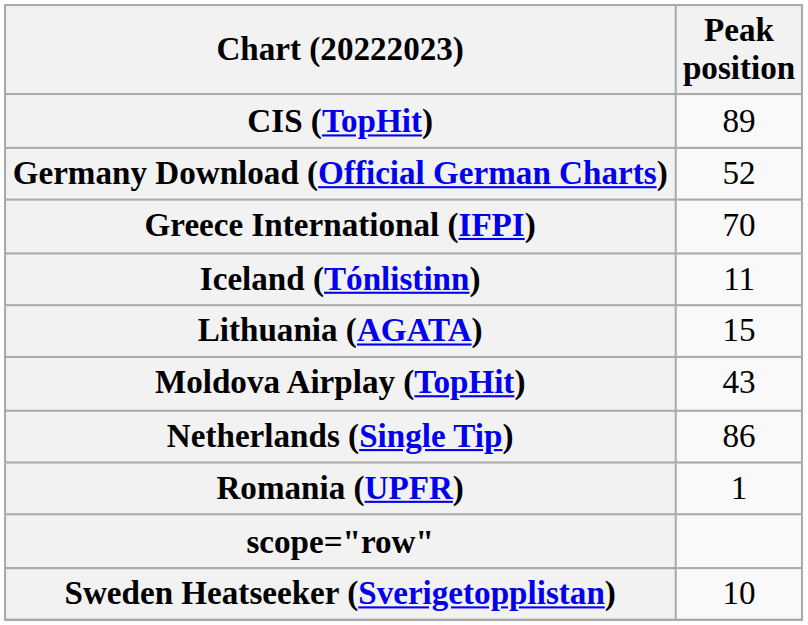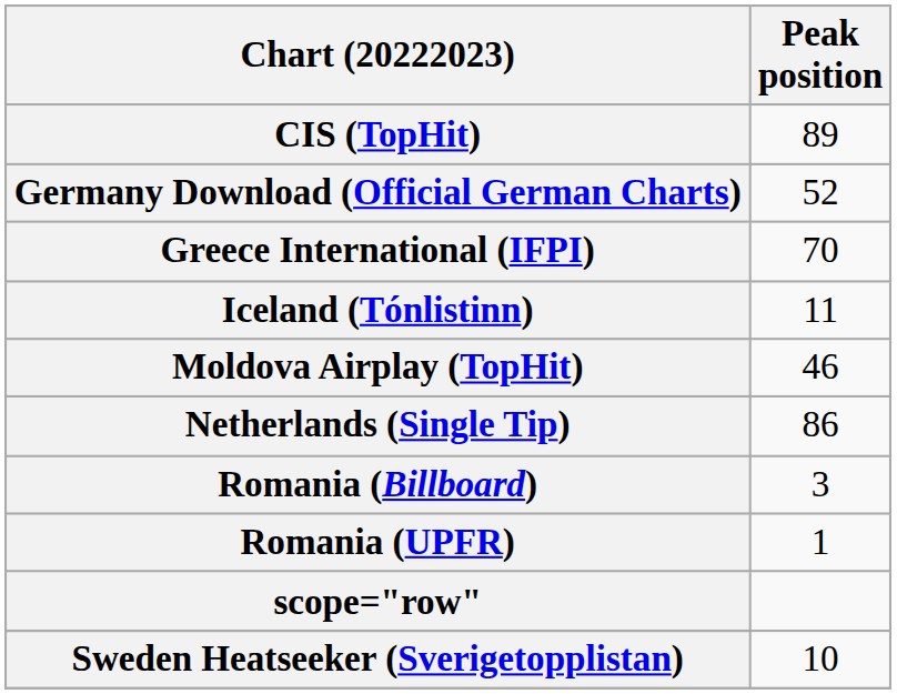 <table class="wikitable sortable plainrowheaders" style="text-align:center">
 <tr>
 <th scope="col">Chart (20222023)</th>
 <th scope="col">Peak<br>position</th>
 </tr>
 <tr>
 <th scope="row">CIS (<a href='#'>TopHit</a>)</th>
 <td>89</td>
 </tr>
 <tr>
 <th scope="row">Germany Download (<a href='#'>Official German Charts</a>)</th>
 <td>52</td>
 </tr>
 <tr>
 <th scope="row">Greece International (<a href='#'>IFPI</a>)</th>
 <td>70</td>
 </tr>
 <tr>
 <th scope="row">Iceland (<a href='#'>Tónlistinn</a>)</th>
 <td>11</td>
 </tr>
 <tr>
-<th scope="row">Lithuania (<a href='#'>AGATA</a>)</th>
-<td>15</td>
-</tr>
-<tr>
 <th scope="row">Moldova Airplay (<a href='#'>TopHit</a>)</th>
-<td>43</td>
+<td>46</td>
 </tr>
 <tr>
 <th scope="row">Netherlands (<a href='#'>Single Tip</a>)</th>
 <td>86</td>
+</tr>
+<tr>
+<th scope="row">Romania (<em><a href='#'>Billboard</a></em>)</th>
+<td>3</td>
 </tr>
 <tr>
 <th scope="row">Romania (<a href='#'>UPFR</a>)</th>
 <td>1</td>
 </tr>
 <tr>
 <th>scope="row"</th>
 </tr>
 <tr>
 </tr>
 <tr>
 <th scope="row">Sweden Heatseeker (<a href='#'>Sverigetopplistan</a>)</th>
 <td>10</td>
 </tr>
 <tr>
 </tr>
 </table>
